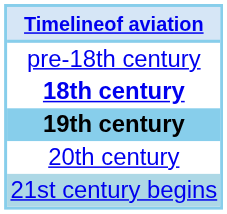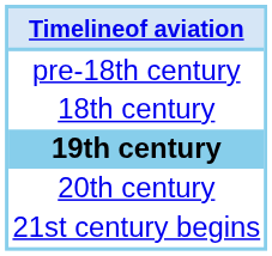 <table cellspacing=0 cellpadding=2 align=right style="border:solid 2px #87CEEB;margin-left:1em;margin-bottom:1em;">
 <tr>
 <th style="background:#d6e6f6;border-bottom:solid 2px #87CEEB;"><a href='#'><small>Timelineof aviation</small></a></th>
 </tr>
 <tr>
 <td align=center><a href='#'>pre-18th century</a></td>
 </tr>
 <tr>
-<td align=center><strong><a href='#'>18th century</a></strong></td>
+<td align=center><a href='#'>18th century</a></td>
 </tr>
 <tr>
 <td align=center style="background:#87CEEB"><strong>19th century</strong></td>
 </tr>
 <tr>
 <td align=center><a href='#'>20th century</a></td>
 </tr>
 <tr>
-<td align=center style="background: lightblue;"><a href='#'>21st century begins</a></td>
+<td align=center><a href='#'>21st century begins</a></td>
 </tr>
 </table>
